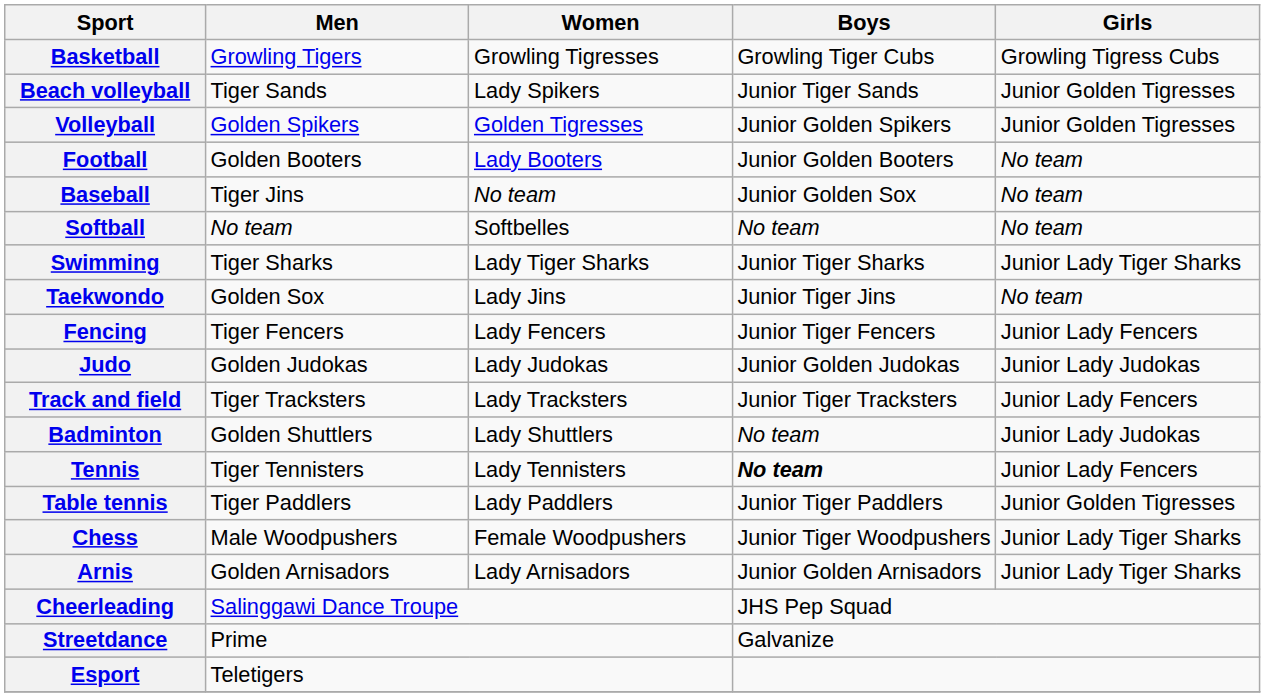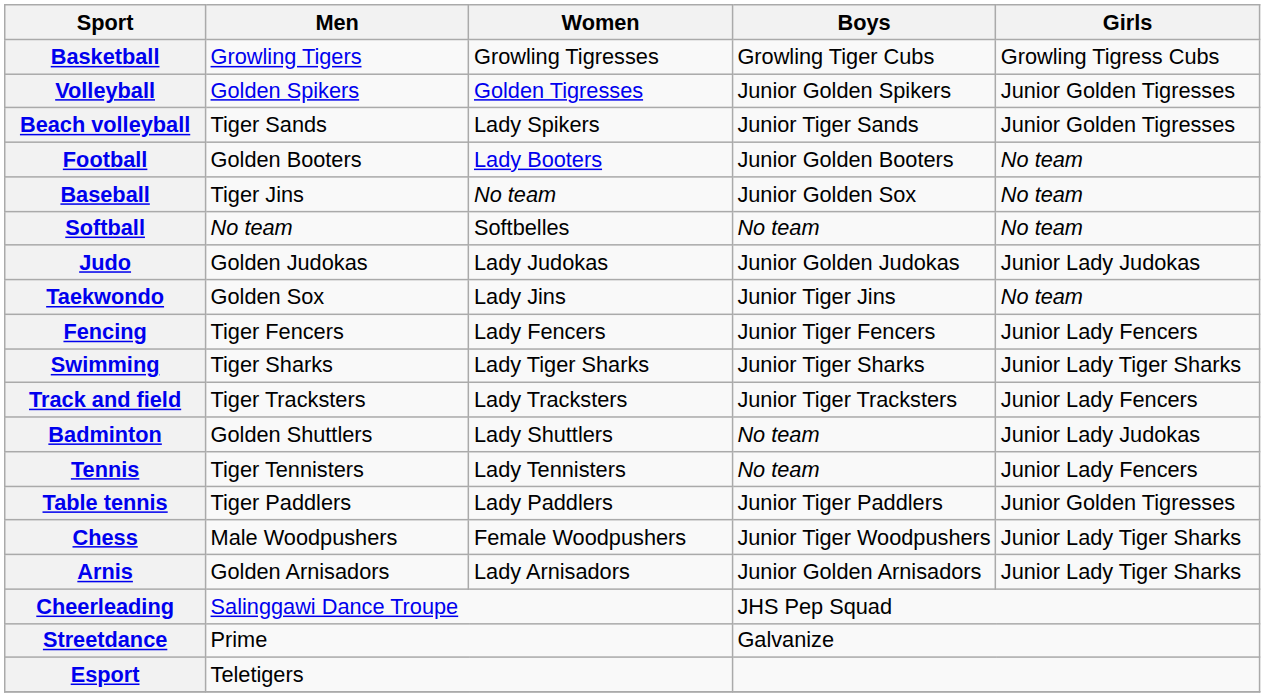 <table class="wikitable plainrowheaders" style="font-size:90%;">
 <tr>
 <th scope="col" style="width:16%;">Sport</th>
 <th scope="col" style="width:21%;">Men</th>
 <th scope="col" style="width:21%;">Women</th>
 <th scope="col" style="width:21%;">Boys</th>
 <th scope="col" style="width:21%;">Girls</th>
 </tr>
 <tr>
 <th scope="row"> <a href='#'>Basketball</a></th>
 <td><a href='#'>Growling Tigers</a></td>
 <td>Growling Tigresses</td>
 <td>Growling Tiger Cubs</td>
 <td>Growling Tigress Cubs</td>
 </tr>
 <tr>
+<th scope="row"> <a href='#'>Volleyball</a></th>
+<td><a href='#'>Golden Spikers</a></td>
+<td><a href='#'>Golden Tigresses</a></td>
+<td>Junior Golden Spikers</td>
+<td>Junior Golden Tigresses</td>
+</tr>
+<tr>
 <th scope="row"> <a href='#'>Beach volleyball</a></th>
 <td>Tiger Sands</td>
 <td>Lady Spikers</td>
 <td>Junior Tiger Sands</td>
-<td>Junior Golden Tigresses</td>
-</tr>
-<tr>
-<th scope="row"> <a href='#'>Volleyball</a></th>
-<td><a href='#'>Golden Spikers</a></td>
-<td><a href='#'>Golden Tigresses</a></td>
-<td>Junior Golden Spikers</td>
 <td>Junior Golden Tigresses</td>
 </tr>
 <tr>
 <th scope="row"> <a href='#'>Football</a></th>
 <td>Golden Booters</td>
 <td><a href='#'>Lady Booters</a></td>
 <td>Junior Golden Booters</td>
 <td><em>No team</em></td>
 </tr>
 <tr>
 <th scope="row"> <a href='#'>Baseball</a></th>
 <td>Tiger Jins</td>
 <td><em>No team</em></td>
 <td>Junior Golden Sox</td>
 <td><em>No team</em></td>
 </tr>
 <tr>
 <th scope="row"> <a href='#'>Softball</a></th>
 <td><em>No team</em></td>
 <td>Softbelles</td>
 <td><em>No team</em></td>
 <td><em>No team</em></td>
 </tr>
 <tr>
-<th scope="row"> <a href='#'>Swimming</a></th>
-<td>Tiger Sharks</td>
-<td>Lady Tiger Sharks</td>
-<td>Junior Tiger Sharks</td>
-<td>Junior Lady Tiger Sharks</td>
+<th scope="row"> <a href='#'>Judo</a></th>
+<td>Golden Judokas</td>
+<td>Lady Judokas</td>
+<td>Junior Golden Judokas</td>
+<td>Junior Lady Judokas</td>
 </tr>
 <tr>
 <th scope="row"> <a href='#'>Taekwondo</a></th>
 <td>Golden Sox</td>
 <td>Lady Jins</td>
 <td>Junior Tiger Jins</td>
 <td><em>No team</em></td>
 </tr>
 <tr>
 <th scope="row"> <a href='#'>Fencing</a></th>
 <td>Tiger Fencers</td>
 <td>Lady Fencers</td>
 <td>Junior Tiger Fencers</td>
 <td>Junior Lady Fencers</td>
 </tr>
 <tr>
-<th scope="row"> <a href='#'>Judo</a></th>
-<td>Golden Judokas</td>
-<td>Lady Judokas</td>
-<td>Junior Golden Judokas</td>
-<td>Junior Lady Judokas</td>
+<th scope="row"> <a href='#'>Swimming</a></th>
+<td>Tiger Sharks</td>
+<td>Lady Tiger Sharks</td>
+<td>Junior Tiger Sharks</td>
+<td>Junior Lady Tiger Sharks</td>
 </tr>
 <tr>
 <th scope="row"> <a href='#'>Track and field</a></th>
 <td>Tiger Tracksters</td>
 <td>Lady Tracksters</td>
 <td>Junior Tiger Tracksters</td>
 <td>Junior Lady Fencers</td>
 </tr>
 <tr>
 <th scope="row"> <a href='#'>Badminton</a></th>
 <td>Golden Shuttlers</td>
 <td>Lady Shuttlers</td>
 <td><em>No team</em></td>
 <td>Junior Lady Judokas</td>
 </tr>
 <tr>
 <th scope="row"> <a href='#'>Tennis</a></th>
 <td>Tiger Tennisters</td>
 <td>Lady Tennisters</td>
-<td><strong><em>No team</em></strong></td>
+<td><em>No team</em></td>
 <td>Junior Lady Fencers</td>
 </tr>
 <tr>
 <th scope="row"> <a href='#'>Table tennis</a></th>
 <td>Tiger Paddlers</td>
 <td>Lady Paddlers</td>
 <td>Junior Tiger Paddlers</td>
 <td>Junior Golden Tigresses</td>
 </tr>
 <tr>
 <th scope="row"> <a href='#'>Chess</a></th>
 <td>Male Woodpushers</td>
 <td>Female Woodpushers</td>
 <td>Junior Tiger Woodpushers</td>
 <td>Junior Lady Tiger Sharks</td>
 </tr>
 <tr>
 <th scope="row"> <a href='#'>Arnis</a></th>
 <td>Golden Arnisadors</td>
 <td>Lady Arnisadors</td>
 <td>Junior Golden Arnisadors</td>
 <td>Junior Lady Tiger Sharks</td>
 </tr>
 <tr>
 <th scope="row"> <a href='#'>Cheerleading</a></th>
 <td colspan="2"><a href='#'>Salinggawi Dance Troupe</a></td>
 <td colspan="2">JHS Pep Squad</td>
 </tr>
 <tr>
 <th scope="row"> <a href='#'>Streetdance</a></th>
 <td colspan="2">Prime</td>
 <td colspan="2">Galvanize</td>
 </tr>
 <tr>
 <th scope="row"> <a href='#'>Esport</a></th>
 <td colspan="2">Teletigers</td>
 <td colspan="2"></td>
 </tr>
 <tr>
 </tr>
 </table>
